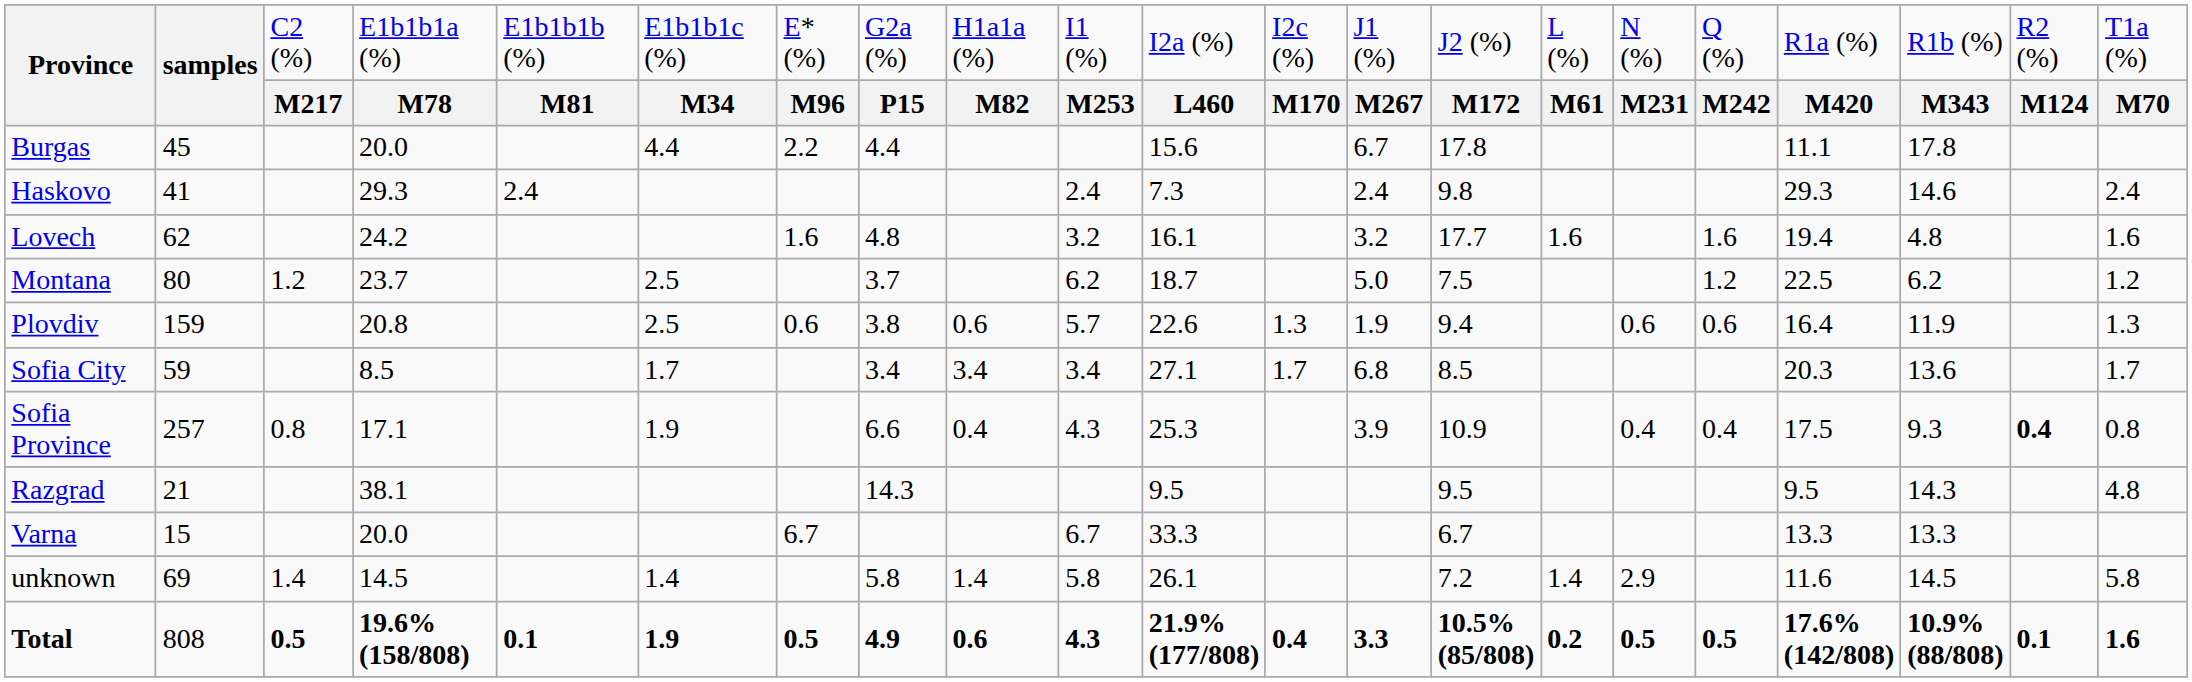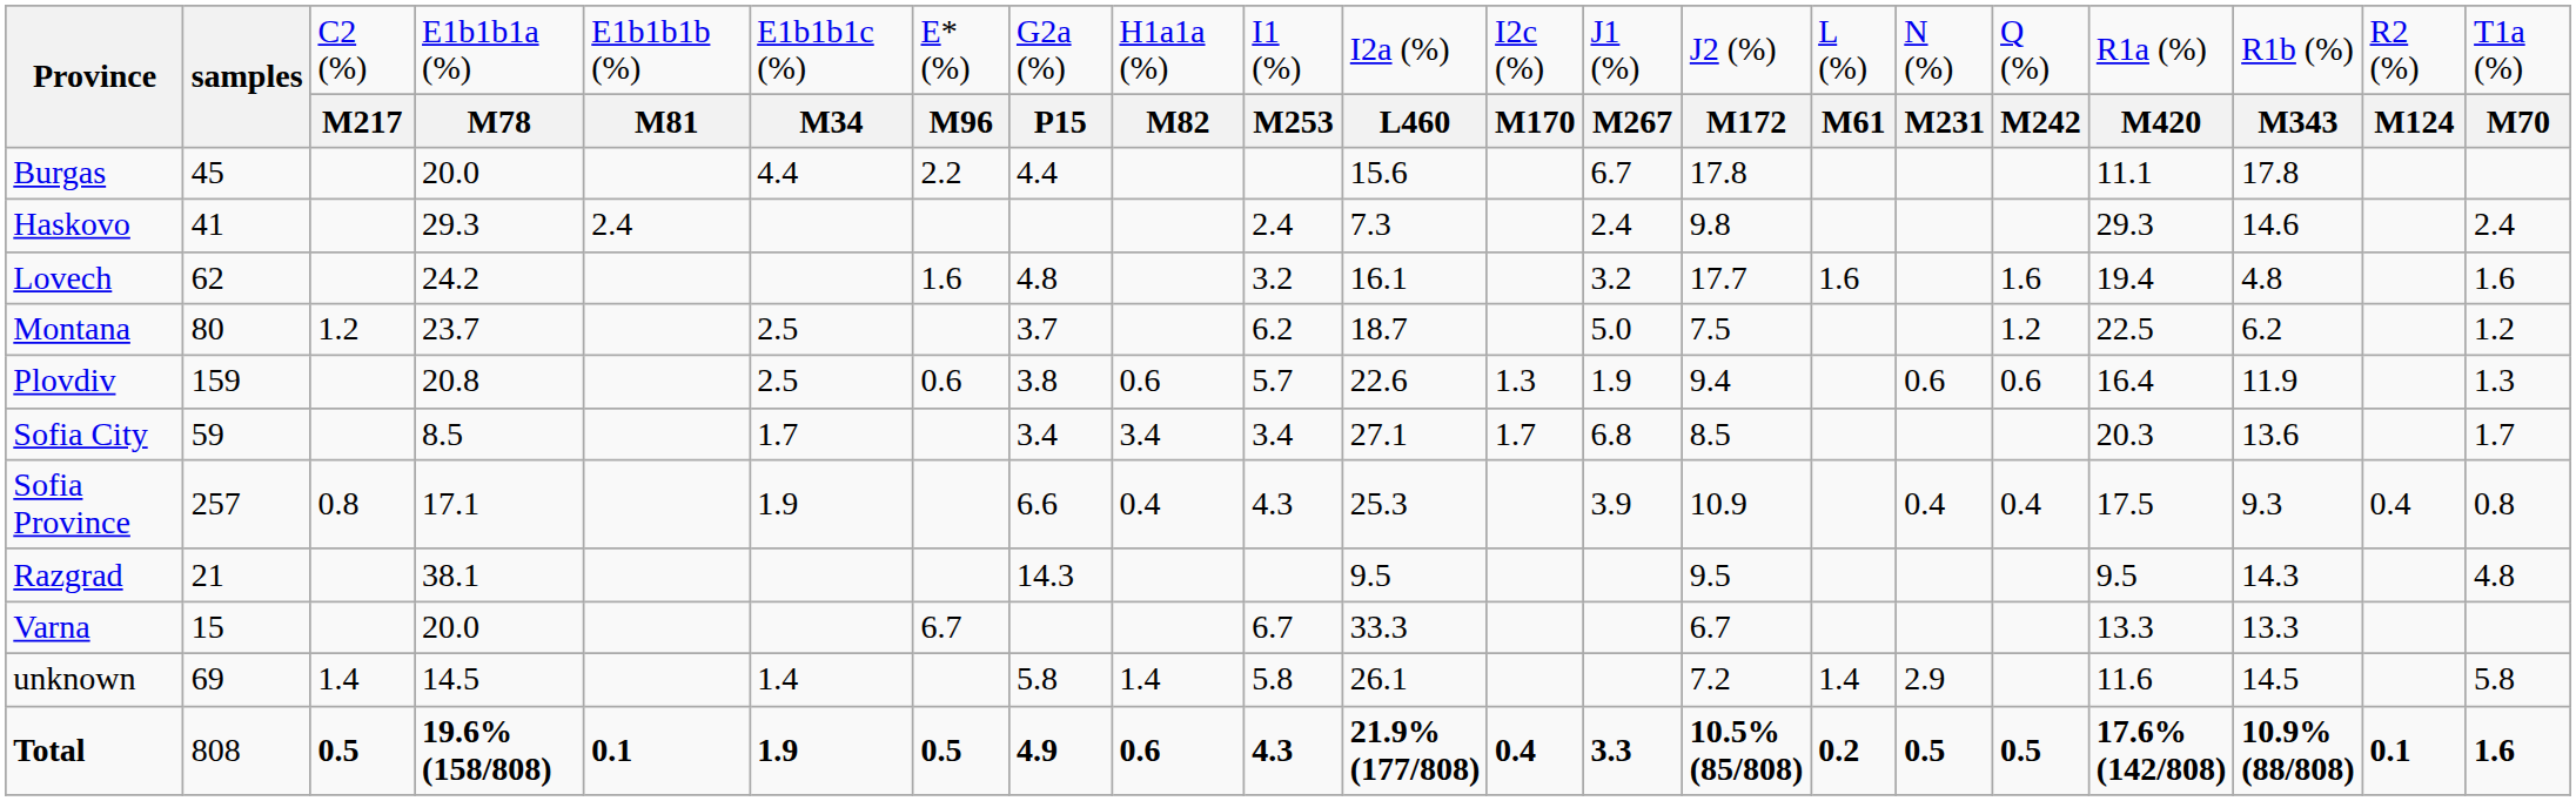 <table class="wikitable">
 <tr>
 <th rowspan="2">Province</th>
 <th rowspan="2">samples</th>
 <td><a href='#'>C2</a> (%)</td>
 <td><a href='#'>E1b1b1a</a> (%)</td>
 <td><a href='#'>E1b1b1b</a> (%)</td>
 <td><a href='#'>E1b1b1c</a> (%)</td>
 <td><a href='#'>E</a>* (%)</td>
 <td><a href='#'>G2a</a> (%)</td>
 <td><a href='#'>H1a1a</a> (%)</td>
 <td><a href='#'>I1</a> (%)</td>
 <td><a href='#'>I2a</a> (%)</td>
 <td><a href='#'>I2c</a><br>(%)</td>
 <td><a href='#'>J1</a> (%)</td>
 <td><a href='#'>J2</a> (%)</td>
 <td><a href='#'>L</a> (%)</td>
 <td><a href='#'>N</a> (%)</td>
 <td><a href='#'>Q</a> (%)</td>
 <td><a href='#'>R1a</a> (%)</td>
 <td><a href='#'>R1b</a> (%)</td>
 <td><a href='#'>R2</a> (%)</td>
 <td><a href='#'>T1a</a> (%)</td>
 </tr>
 <tr>
 <th>M217</th>
 <th>M78</th>
 <th>M81</th>
 <th>M34</th>
 <th>M96</th>
 <th>P15</th>
 <th>M82</th>
 <th>M253</th>
 <th>L460</th>
 <th>M170</th>
 <th>M267</th>
 <th>M172</th>
 <th>M61</th>
 <th>M231</th>
 <th>M242</th>
 <th>M420</th>
 <th>M343</th>
 <th>M124</th>
 <th>M70</th>
 </tr>
 <tr>
 <td><a href='#'>Burgas</a></td>
 <td>45</td>
 <td></td>
 <td>20.0</td>
 <td></td>
 <td>4.4</td>
 <td>2.2</td>
 <td>4.4</td>
 <td></td>
 <td></td>
 <td>15.6</td>
 <td></td>
 <td>6.7</td>
 <td>17.8</td>
 <td></td>
 <td></td>
 <td></td>
 <td>11.1</td>
 <td>17.8</td>
 <td></td>
 <td></td>
 </tr>
 <tr>
 <td><a href='#'>Haskovo</a></td>
 <td>41</td>
 <td></td>
 <td>29.3</td>
 <td>2.4</td>
 <td></td>
 <td></td>
 <td></td>
 <td></td>
 <td>2.4</td>
 <td>7.3</td>
 <td></td>
 <td>2.4</td>
 <td>9.8</td>
 <td></td>
 <td></td>
 <td></td>
 <td>29.3</td>
 <td>14.6</td>
 <td></td>
 <td>2.4</td>
 </tr>
 <tr>
 <td><a href='#'>Lovech</a></td>
 <td>62</td>
 <td></td>
 <td>24.2</td>
 <td></td>
 <td></td>
 <td>1.6</td>
 <td>4.8</td>
 <td></td>
 <td>3.2</td>
 <td>16.1</td>
 <td></td>
 <td>3.2</td>
 <td>17.7</td>
 <td>1.6</td>
 <td></td>
 <td>1.6</td>
 <td>19.4</td>
 <td>4.8</td>
 <td></td>
 <td>1.6</td>
 </tr>
 <tr>
 <td><a href='#'>Montana</a></td>
 <td>80</td>
 <td>1.2</td>
 <td>23.7</td>
 <td></td>
 <td>2.5</td>
 <td></td>
 <td>3.7</td>
 <td></td>
 <td>6.2</td>
 <td>18.7</td>
 <td></td>
 <td>5.0</td>
 <td>7.5</td>
 <td></td>
 <td></td>
 <td>1.2</td>
 <td>22.5</td>
 <td>6.2</td>
 <td></td>
 <td>1.2</td>
 </tr>
 <tr>
 <td><a href='#'>Plovdiv</a></td>
 <td>159</td>
 <td></td>
 <td>20.8</td>
 <td></td>
 <td>2.5</td>
 <td>0.6</td>
 <td>3.8</td>
 <td>0.6</td>
 <td>5.7</td>
 <td>22.6</td>
 <td>1.3</td>
 <td>1.9</td>
 <td>9.4</td>
 <td></td>
 <td>0.6</td>
 <td>0.6</td>
 <td>16.4</td>
 <td>11.9</td>
 <td></td>
 <td>1.3</td>
 </tr>
 <tr>
 <td><a href='#'>Sofia City</a></td>
 <td>59</td>
 <td></td>
 <td>8.5</td>
 <td></td>
 <td>1.7</td>
 <td></td>
 <td>3.4</td>
 <td>3.4</td>
 <td>3.4</td>
 <td>27.1</td>
 <td>1.7</td>
 <td>6.8</td>
 <td>8.5</td>
 <td></td>
 <td></td>
 <td></td>
 <td>20.3</td>
 <td>13.6</td>
 <td></td>
 <td>1.7</td>
 </tr>
 <tr>
 <td><a href='#'>Sofia Province</a></td>
 <td>257</td>
 <td>0.8</td>
 <td>17.1</td>
 <td></td>
 <td>1.9</td>
 <td></td>
 <td>6.6</td>
 <td>0.4</td>
 <td>4.3</td>
 <td>25.3</td>
 <td></td>
 <td>3.9</td>
 <td>10.9</td>
 <td></td>
 <td>0.4</td>
 <td>0.4</td>
 <td>17.5</td>
 <td>9.3</td>
-<td><strong>0.4</strong></td>
+<td>0.4</td>
 <td>0.8</td>
 </tr>
 <tr>
 <td><a href='#'>Razgrad</a></td>
 <td>21</td>
 <td></td>
 <td>38.1</td>
 <td></td>
 <td></td>
 <td></td>
 <td>14.3</td>
 <td></td>
 <td></td>
 <td>9.5</td>
 <td></td>
 <td></td>
 <td>9.5</td>
 <td></td>
 <td></td>
 <td></td>
 <td>9.5</td>
 <td>14.3</td>
 <td></td>
 <td>4.8</td>
 </tr>
 <tr>
 <td><a href='#'>Varna</a></td>
 <td>15</td>
 <td></td>
 <td>20.0</td>
 <td></td>
 <td></td>
 <td>6.7</td>
 <td></td>
 <td></td>
 <td>6.7</td>
 <td>33.3</td>
 <td></td>
 <td></td>
 <td>6.7</td>
 <td></td>
 <td></td>
 <td></td>
 <td>13.3</td>
 <td>13.3</td>
 <td></td>
 <td></td>
 </tr>
 <tr>
 <td>unknown</td>
 <td>69</td>
 <td>1.4</td>
 <td>14.5</td>
 <td></td>
 <td>1.4</td>
 <td></td>
 <td>5.8</td>
 <td>1.4</td>
 <td>5.8</td>
 <td>26.1</td>
 <td></td>
 <td></td>
 <td>7.2</td>
 <td>1.4</td>
 <td>2.9</td>
 <td></td>
 <td>11.6</td>
 <td>14.5</td>
 <td></td>
 <td>5.8</td>
 </tr>
 <tr>
 <td><strong>Total</strong></td>
 <td>808</td>
 <td><strong>0.5</strong></td>
 <td><strong>19.6%<br>(158/808)</strong></td>
 <td><strong>0.1</strong></td>
 <td><strong>1.9</strong></td>
 <td><strong>0.5</strong></td>
 <td><strong>4.9</strong></td>
 <td><strong>0.6</strong></td>
 <td><strong>4.3</strong></td>
 <td><strong>21.9%<br>(177/808)</strong></td>
 <td><strong>0.4</strong></td>
 <td><strong>3.3</strong></td>
 <td><strong>10.5%<br>(85/808)</strong></td>
 <td><strong>0.2</strong></td>
 <td><strong>0.5</strong></td>
 <td><strong>0.5</strong></td>
 <td><strong>17.6%<br>(142/808)</strong></td>
 <td><strong>10.9%<br>(88/808)</strong></td>
 <td><strong>0.1</strong></td>
 <td><strong>1.6</strong></td>
 </tr>
 </table>
